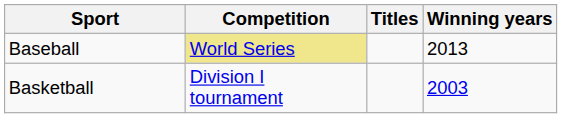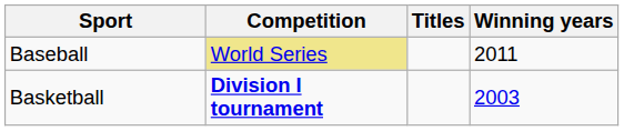 <table class="wikitable"; style= "text-align: ">
 <tr>
 <th width=150px>Sport</th>
 <th width=150px>Competition</th>
 <th width=px>Titles</th>
 <th width=px>Winning years</th>
 </tr>
 <tr>
 <td>Baseball</td>
 <td style="background: khaki;"><a href='#'>World Series</a></td>
 <td></td>
-<td>2013</td>
+<td>2011</td>
 </tr>
 <tr>
 <td>Basketball</td>
-<td><a href='#'>Division I tournament</a></td>
+<td><strong><a href='#'>Division I tournament</a></strong></td>
 <td></td>
 <td><a href='#'>2003</a></td>
 </tr>
 </table>
